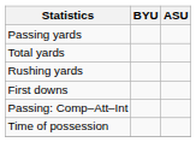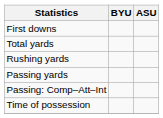 <table class="wikitable" style="float: left;">
 <tr>
 <th>Statistics</th>
 <th>BYU</th>
 <th>ASU</th>
 </tr>
 <tr>
-<td>Passing yards</td>
+<td>First downs</td>
 <td></td>
 <td></td>
 </tr>
 <tr>
 <td>Total yards</td>
 <td></td>
 <td></td>
 </tr>
 <tr>
 <td>Rushing yards</td>
 <td></td>
 <td></td>
 </tr>
 <tr>
-<td>First downs</td>
+<td>Passing yards</td>
 <td></td>
 <td></td>
 </tr>
 <tr>
 <td>Passing: Comp–Att–Int</td>
 <td></td>
 <td></td>
 </tr>
 <tr>
 <td>Time of possession</td>
 <td></td>
 <td></td>
 </tr>
 <tr>
 </tr>
 </table>
